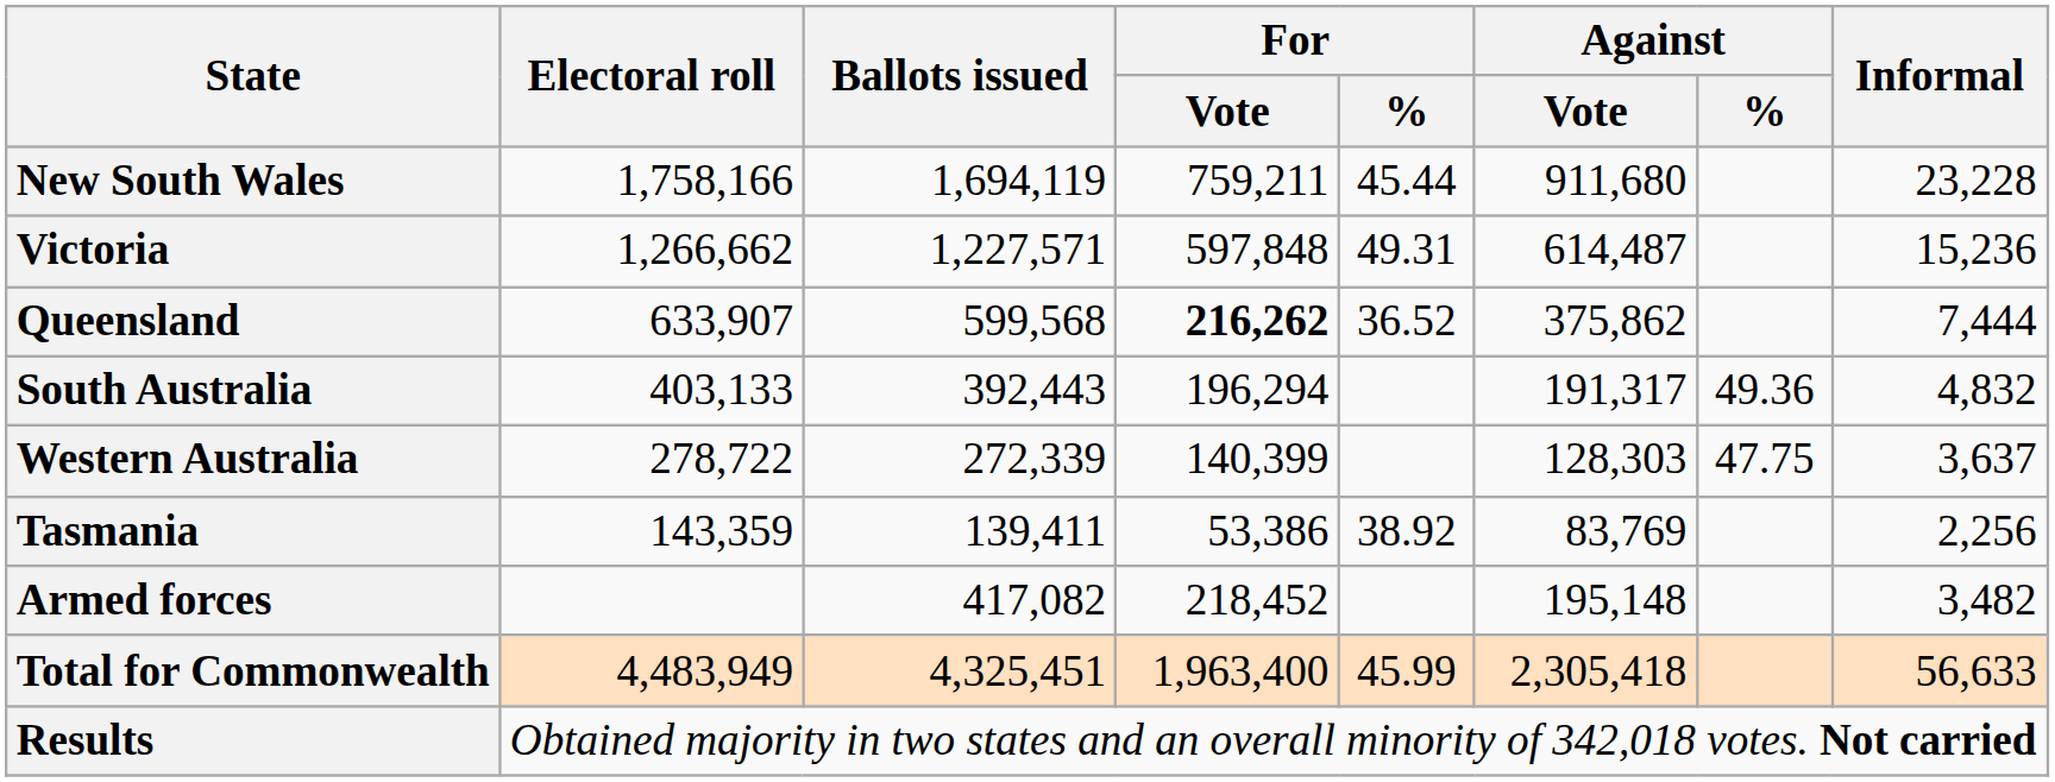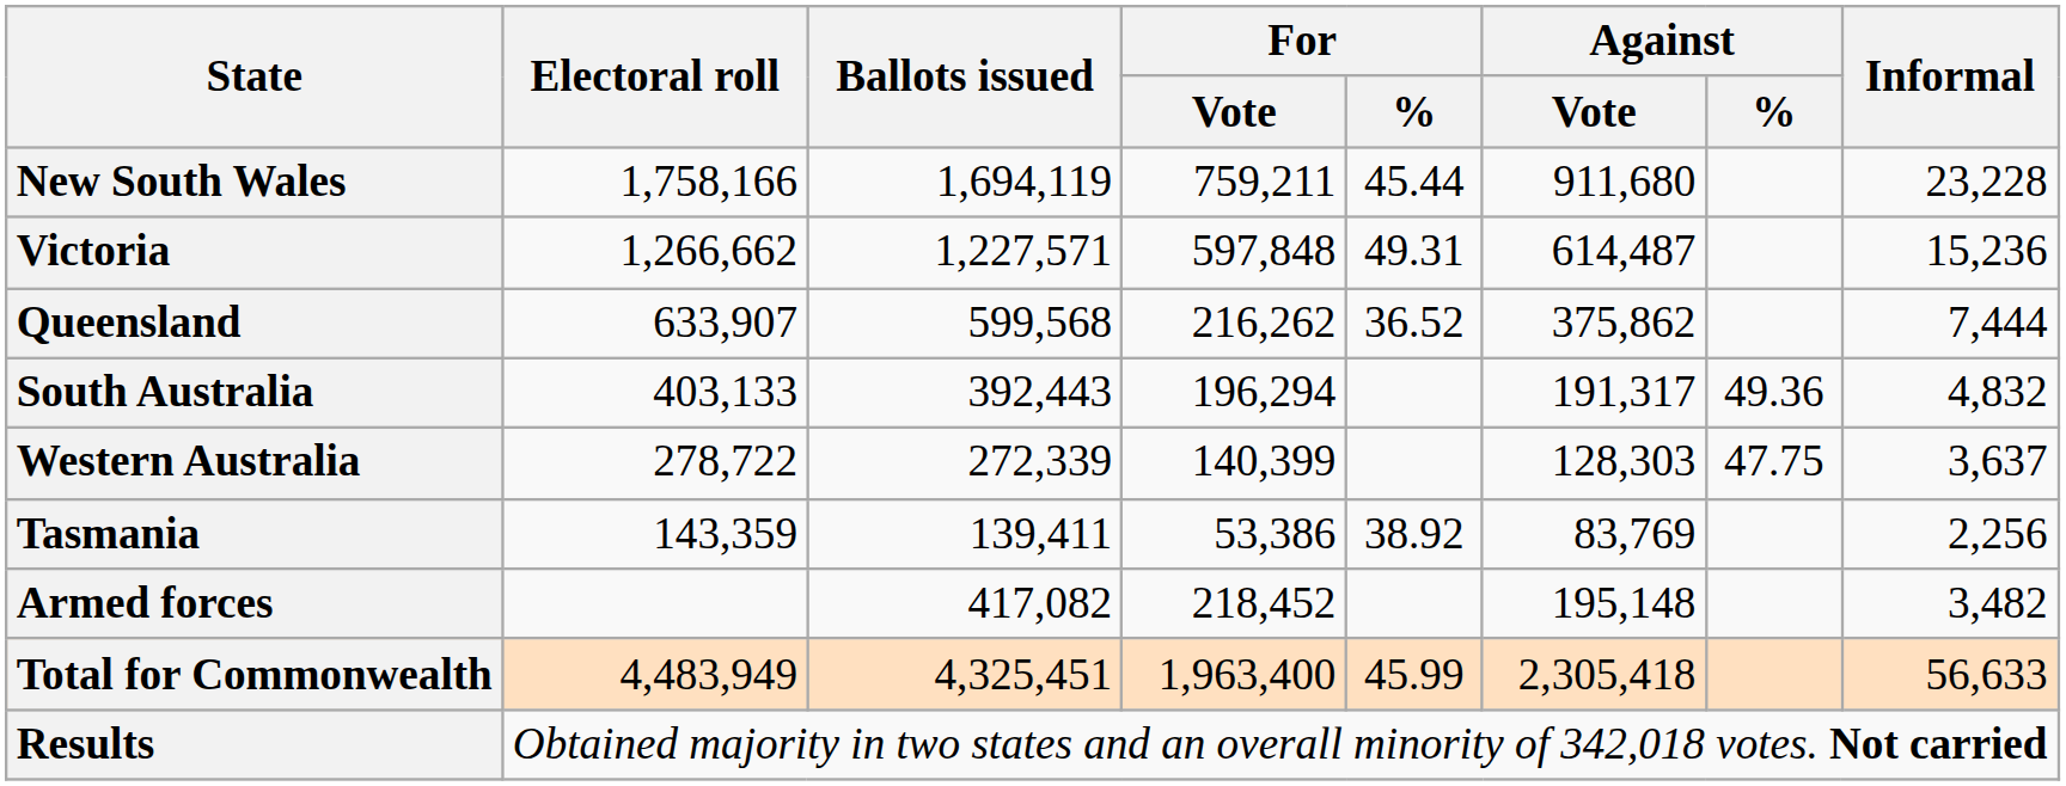 <table class="wikitable">
 <tr align=center>
 <th rowspan="2">State</th>
 <th rowspan="2">Electoral roll</th>
 <th rowspan="2">Ballots issued</th>
 <th align=center colspan="2">For</th>
 <th align=center colspan="2">Against</th>
 <th align=center rowspan="2">Informal</th>
 </tr>
 <tr>
 <th align=center>Vote</th>
 <th align=center>%</th>
 <th align=center>Vote</th>
 <th align=center>%</th>
 </tr>
 <tr align="right">
 <th style="text-align:left;">New South Wales</th>
 <td>1,758,166</td>
 <td>1,694,119</td>
 <td>759,211</td>
 <td align="center">45.44</td>
 <td>911,680</td>
 <td></td>
 <td>23,228</td>
 </tr>
 <tr align="right">
 <th style="text-align:left;">Victoria</th>
 <td>1,266,662</td>
 <td>1,227,571</td>
 <td>597,848</td>
 <td align="center">49.31</td>
 <td>614,487</td>
 <td></td>
 <td>15,236</td>
 </tr>
 <tr align="right">
 <th style="text-align:left;">Queensland</th>
 <td>633,907</td>
 <td>599,568</td>
-<td><strong>216,262</strong></td>
+<td>216,262</td>
 <td align="center">36.52</td>
 <td>375,862</td>
 <td></td>
 <td>7,444</td>
 </tr>
 <tr align="right">
 <th style="text-align:left;">South Australia</th>
 <td>403,133</td>
 <td>392,443</td>
 <td>196,294</td>
 <td></td>
 <td>191,317</td>
 <td align="center">49.36</td>
 <td>4,832</td>
 </tr>
 <tr align="right">
 <th style="text-align:left;">Western Australia</th>
 <td>278,722</td>
 <td>272,339</td>
 <td>140,399</td>
 <td></td>
 <td>128,303</td>
 <td align="center">47.75</td>
 <td>3,637</td>
 </tr>
 <tr align="right">
 <th style="text-align:left;">Tasmania</th>
 <td>143,359</td>
 <td>139,411</td>
 <td>53,386</td>
 <td align="center">38.92</td>
 <td>83,769</td>
 <td></td>
 <td>2,256</td>
 </tr>
 <tr align="right">
 <th style="text-align:left;">Armed forces</th>
 <td> </td>
 <td>417,082</td>
 <td>218,452</td>
 <td> </td>
 <td>195,148</td>
 <td> </td>
 <td>3,482</td>
 </tr>
 <tr bgcolor="#FFE0C0" align="right">
 <th style="text-align:left">Total for Commonwealth</th>
 <td>4,483,949</td>
 <td>4,325,451</td>
 <td>1,963,400</td>
 <td align="center">45.99</td>
 <td>2,305,418</td>
 <td></td>
 <td>56,633</td>
 </tr>
 <tr>
 <th style="text-align:left;">Results</th>
 <td colSpan="8"><em>Obtained majority in two states and an overall minority of 342,018 votes.</em> <strong>Not carried</strong></td>
 </tr>
 </table>
